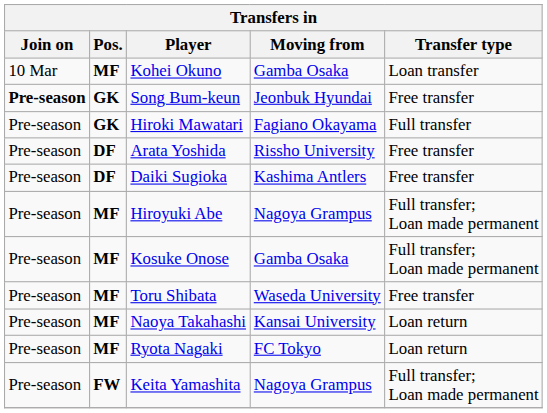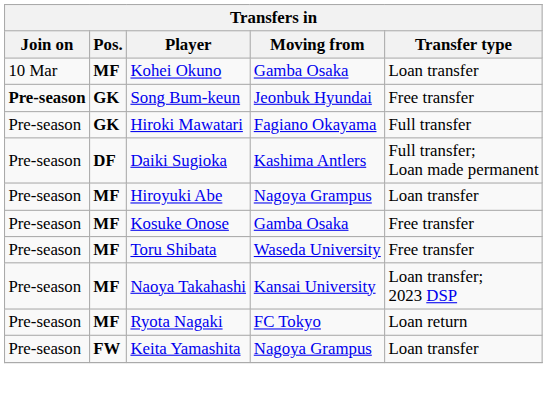 <table class="wikitable sortable" style=“text-align:left;>
 <tr>
 <th colspan="5">Transfers in</th>
 </tr>
 <tr>
 <th>Join on</th>
 <th>Pos.</th>
 <th>Player</th>
 <th>Moving from</th>
 <th>Transfer type</th>
 </tr>
 <tr>
 <td>10 Mar</td>
 <td><strong>MF</strong></td>
 <td> <a href='#'>Kohei Okuno</a></td>
 <td> <a href='#'>Gamba Osaka</a></td>
 <td>Loan transfer</td>
 </tr>
 <tr>
 <td><strong>Pre-season</strong></td>
 <td><strong>GK</strong></td>
 <td> <a href='#'>Song Bum-keun</a></td>
 <td> <a href='#'>Jeonbuk Hyundai</a></td>
 <td>Free transfer</td>
 </tr>
 <tr>
 <td>Pre-season</td>
 <td><strong>GK</strong></td>
 <td> <a href='#'>Hiroki Mawatari</a></td>
 <td> <a href='#'>Fagiano Okayama</a></td>
 <td>Full transfer</td>
 </tr>
 <tr>
 <td>Pre-season</td>
 <td><strong>DF</strong></td>
-<td> <a href='#'>Arata Yoshida</a></td>
-<td> <a href='#'>Rissho University</a></td>
-<td>Free transfer</td>
-</tr>
-<tr>
-<td>Pre-season</td>
-<td><strong>DF</strong></td>
 <td> <a href='#'>Daiki Sugioka</a></td>
 <td> <a href='#'>Kashima Antlers</a></td>
-<td>Free transfer</td>
+<td>Full transfer;<br> Loan made permanent</td>
 </tr>
 <tr>
 <td>Pre-season</td>
 <td><strong>MF</strong></td>
 <td> <a href='#'>Hiroyuki Abe</a></td>
 <td> <a href='#'>Nagoya Grampus</a></td>
-<td>Full transfer;<br> Loan made permanent</td>
+<td>Loan transfer</td>
 </tr>
 <tr>
 <td>Pre-season</td>
 <td><strong>MF</strong></td>
 <td> <a href='#'>Kosuke Onose</a></td>
 <td> <a href='#'>Gamba Osaka</a></td>
-<td>Full transfer;<br> Loan made permanent</td>
+<td>Free transfer</td>
 </tr>
 <tr>
 <td>Pre-season</td>
 <td><strong>MF</strong></td>
 <td> <a href='#'>Toru Shibata</a></td>
 <td> <a href='#'>Waseda University</a></td>
 <td>Free transfer</td>
 </tr>
 <tr>
 <td>Pre-season</td>
 <td><strong>MF</strong></td>
 <td> <a href='#'>Naoya Takahashi</a></td>
 <td> <a href='#'>Kansai University</a></td>
-<td>Loan return</td>
+<td>Loan transfer;<br> 2023 <a href='#'>DSP</a></td>
 </tr>
 <tr>
 <td>Pre-season</td>
 <td><strong>MF</strong></td>
 <td> <a href='#'>Ryota Nagaki</a></td>
 <td> <a href='#'>FC Tokyo</a></td>
 <td>Loan return</td>
 </tr>
 <tr>
 <td>Pre-season</td>
 <td><strong>FW</strong></td>
 <td> <a href='#'>Keita Yamashita</a></td>
 <td> <a href='#'>Nagoya Grampus</a></td>
-<td>Full transfer;<br> Loan made permanent</td>
+<td>Loan transfer</td>
 </tr>
 <tr>
 </tr>
 </table>
